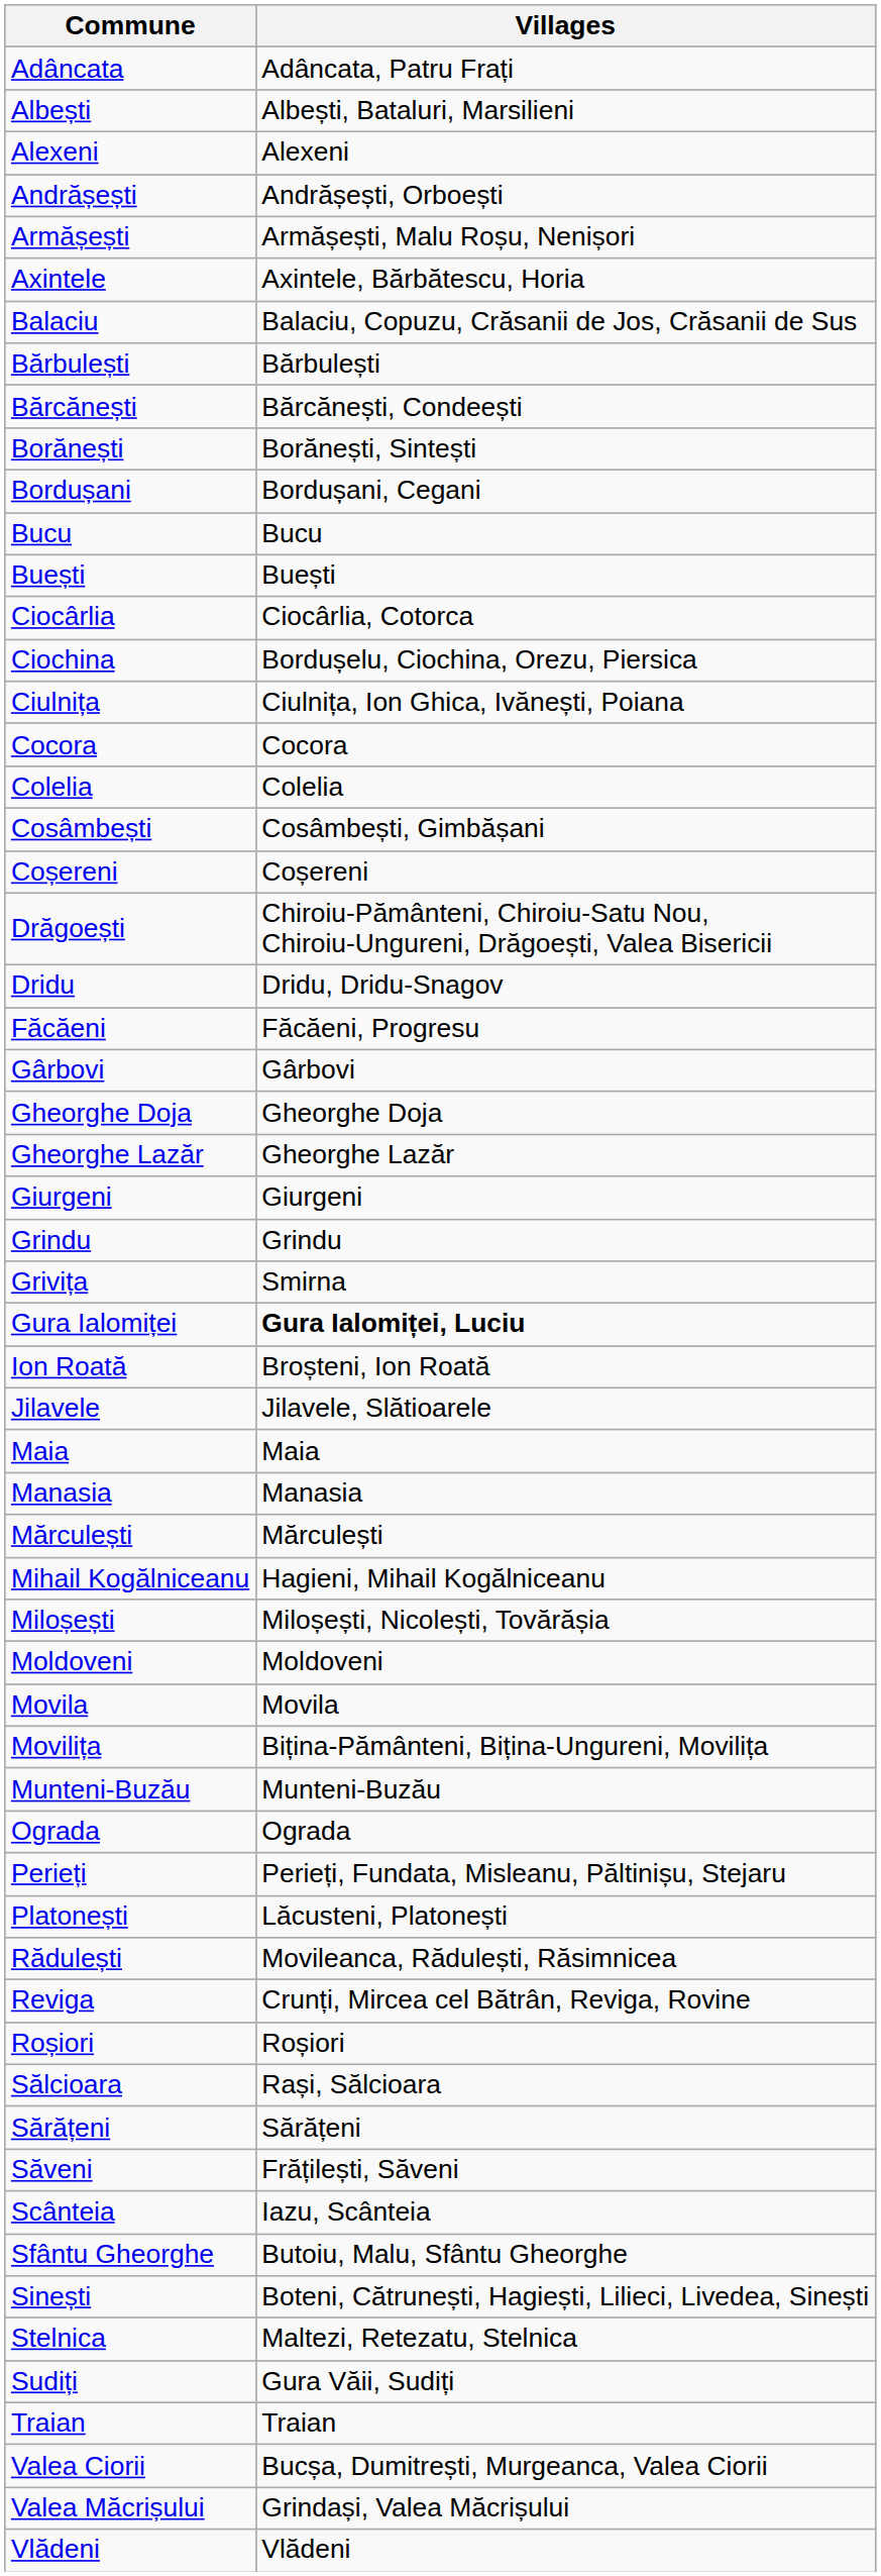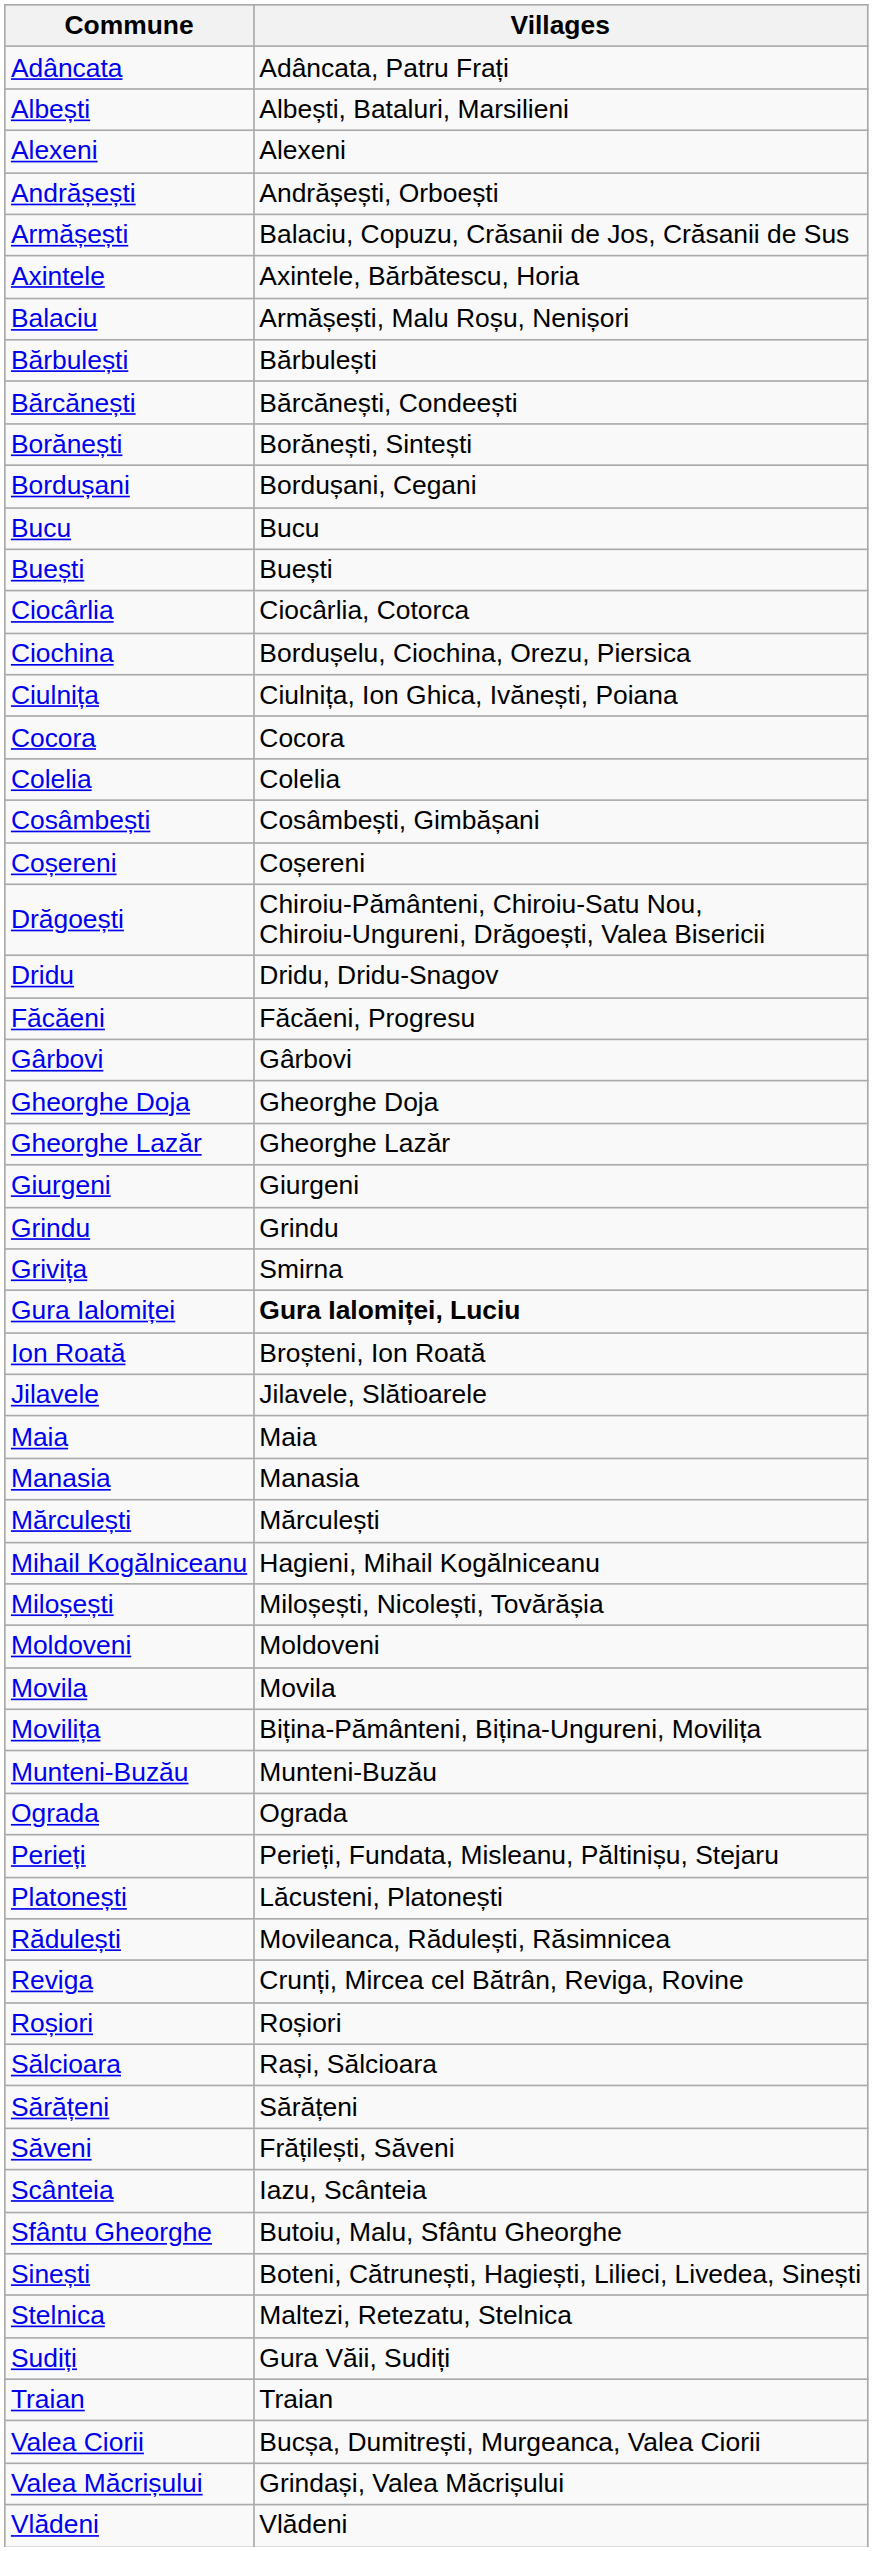 <table class="wikitable">
 <tr>
 <th colspan=1>Commune</th>
 <th colspan=3>Villages</th>
 </tr>
 <tr>
 <td><a href='#'>Adâncata</a></td>
 <td>Adâncata, Patru Frați</td>
 </tr>
 <tr>
 <td><a href='#'>Albești</a></td>
 <td>Albești, Bataluri, Marsilieni</td>
 </tr>
 <tr>
 <td><a href='#'>Alexeni</a></td>
 <td>Alexeni</td>
 </tr>
 <tr>
 <td><a href='#'>Andrășești</a></td>
 <td>Andrășești, Orboești</td>
 </tr>
 <tr>
 <td><a href='#'>Armășești</a></td>
-<td>Armășești, Malu Roșu, Nenișori</td>
+<td>Balaciu, Copuzu, Crăsanii de Jos, Crăsanii de Sus</td>
 </tr>
 <tr>
 <td><a href='#'>Axintele</a></td>
 <td>Axintele, Bărbătescu, Horia</td>
 </tr>
 <tr>
 <td><a href='#'>Balaciu</a></td>
-<td>Balaciu, Copuzu, Crăsanii de Jos, Crăsanii de Sus</td>
+<td>Armășești, Malu Roșu, Nenișori</td>
 </tr>
 <tr>
 <td><a href='#'>Bărbulești</a></td>
 <td>Bărbulești</td>
 </tr>
 <tr>
 <td><a href='#'>Bărcănești</a></td>
 <td>Bărcănești, Condeești</td>
 </tr>
 <tr>
 <td><a href='#'>Borănești</a></td>
 <td>Borănești, Sintești</td>
 </tr>
 <tr>
 <td><a href='#'>Bordușani</a></td>
 <td>Bordușani, Cegani</td>
 </tr>
 <tr>
 <td><a href='#'>Bucu</a></td>
 <td>Bucu</td>
 </tr>
 <tr>
 <td><a href='#'>Buești</a></td>
 <td>Buești</td>
 </tr>
 <tr>
 <td><a href='#'>Ciocârlia</a></td>
 <td>Ciocârlia, Cotorca</td>
 </tr>
 <tr>
 <td><a href='#'>Ciochina</a></td>
 <td>Bordușelu, Ciochina, Orezu, Piersica</td>
 </tr>
 <tr>
 <td><a href='#'>Ciulnița</a></td>
 <td>Ciulnița, Ion Ghica, Ivănești, Poiana</td>
 </tr>
 <tr>
 <td><a href='#'>Cocora</a></td>
 <td>Cocora</td>
 </tr>
 <tr>
 <td><a href='#'>Colelia</a></td>
 <td>Colelia</td>
 </tr>
 <tr>
 <td><a href='#'>Cosâmbești</a></td>
 <td>Cosâmbești, Gimbășani</td>
 </tr>
 <tr>
 <td><a href='#'>Coșereni</a></td>
 <td>Coșereni</td>
 </tr>
 <tr>
 <td><a href='#'>Drăgoești</a></td>
 <td>Chiroiu-Pământeni, Chiroiu-Satu Nou,<br>Chiroiu-Ungureni, Drăgoești, Valea Bisericii</td>
 </tr>
 <tr>
 <td><a href='#'>Dridu</a></td>
 <td>Dridu, Dridu-Snagov</td>
 </tr>
 <tr>
 <td><a href='#'>Făcăeni</a></td>
 <td>Făcăeni, Progresu</td>
 </tr>
 <tr>
 <td><a href='#'>Gârbovi</a></td>
 <td>Gârbovi</td>
 </tr>
 <tr>
 <td><a href='#'>Gheorghe Doja</a></td>
 <td>Gheorghe Doja</td>
 </tr>
 <tr>
 <td><a href='#'>Gheorghe Lazăr</a></td>
 <td>Gheorghe Lazăr</td>
 </tr>
 <tr>
 <td><a href='#'>Giurgeni</a></td>
 <td>Giurgeni</td>
 </tr>
 <tr>
 <td><a href='#'>Grindu</a></td>
 <td>Grindu</td>
 </tr>
 <tr>
 <td><a href='#'>Grivița</a></td>
 <td>Smirna</td>
 </tr>
 <tr>
 <td><a href='#'>Gura Ialomiței</a></td>
 <td><strong>Gura Ialomiței, Luciu</strong></td>
 </tr>
 <tr>
 <td><a href='#'>Ion Roată</a></td>
 <td>Broșteni, Ion Roată</td>
 </tr>
 <tr>
 <td><a href='#'>Jilavele</a></td>
 <td>Jilavele, Slătioarele</td>
 </tr>
 <tr>
 <td><a href='#'>Maia</a></td>
 <td>Maia</td>
 </tr>
 <tr>
 <td><a href='#'>Manasia</a></td>
 <td>Manasia</td>
 </tr>
 <tr>
 <td><a href='#'>Mărculești</a></td>
 <td>Mărculești</td>
 </tr>
 <tr>
 <td><a href='#'>Mihail Kogălniceanu</a></td>
 <td>Hagieni, Mihail Kogălniceanu</td>
 </tr>
 <tr>
 <td><a href='#'>Miloșești</a></td>
 <td>Miloșești, Nicolești, Tovărășia</td>
 </tr>
 <tr>
 <td><a href='#'>Moldoveni</a></td>
 <td>Moldoveni</td>
 </tr>
 <tr>
 <td><a href='#'>Movila</a></td>
 <td>Movila</td>
 </tr>
 <tr>
 <td><a href='#'>Movilița</a></td>
 <td>Bițina-Pământeni, Bițina-Ungureni, Movilița</td>
 </tr>
 <tr>
 <td><a href='#'>Munteni-Buzău</a></td>
 <td>Munteni-Buzău</td>
 </tr>
 <tr>
 <td><a href='#'>Ograda</a></td>
 <td>Ograda</td>
 </tr>
 <tr>
 <td><a href='#'>Perieți</a></td>
 <td>Perieți, Fundata, Misleanu, Păltinișu, Stejaru</td>
 </tr>
 <tr>
 <td><a href='#'>Platonești</a></td>
 <td>Lăcusteni, Platonești</td>
 </tr>
 <tr>
 <td><a href='#'>Rădulești</a></td>
 <td>Movileanca, Rădulești, Răsimnicea</td>
 </tr>
 <tr>
 <td><a href='#'>Reviga</a></td>
 <td>Crunți, Mircea cel Bătrân, Reviga, Rovine</td>
 </tr>
 <tr>
 <td><a href='#'>Roșiori</a></td>
 <td>Roșiori</td>
 </tr>
 <tr>
 <td><a href='#'>Sălcioara</a></td>
 <td>Rași, Sălcioara</td>
 </tr>
 <tr>
 <td><a href='#'>Sărățeni</a></td>
 <td>Sărățeni</td>
 </tr>
 <tr>
 <td><a href='#'>Săveni</a></td>
 <td>Frățilești, Săveni</td>
 </tr>
 <tr>
 <td><a href='#'>Scânteia</a></td>
 <td>Iazu, Scânteia</td>
 </tr>
 <tr>
 <td><a href='#'>Sfântu Gheorghe</a></td>
 <td>Butoiu, Malu, Sfântu Gheorghe</td>
 </tr>
 <tr>
 <td><a href='#'>Sinești</a></td>
 <td>Boteni, Cătrunești, Hagiești, Lilieci, Livedea, Sinești</td>
 </tr>
 <tr>
 <td><a href='#'>Stelnica</a></td>
 <td>Maltezi, Retezatu, Stelnica</td>
 </tr>
 <tr>
 <td><a href='#'>Sudiți</a></td>
 <td>Gura Văii, Sudiți</td>
 </tr>
 <tr>
 <td><a href='#'>Traian</a></td>
 <td>Traian</td>
 </tr>
 <tr>
 <td><a href='#'>Valea Ciorii</a></td>
 <td>Bucșa, Dumitrești, Murgeanca, Valea Ciorii</td>
 </tr>
 <tr>
 <td><a href='#'>Valea Măcrișului</a></td>
 <td>Grindași, Valea Măcrișului</td>
 </tr>
 <tr>
 <td><a href='#'>Vlădeni</a></td>
 <td>Vlădeni</td>
 </tr>
 </table>
